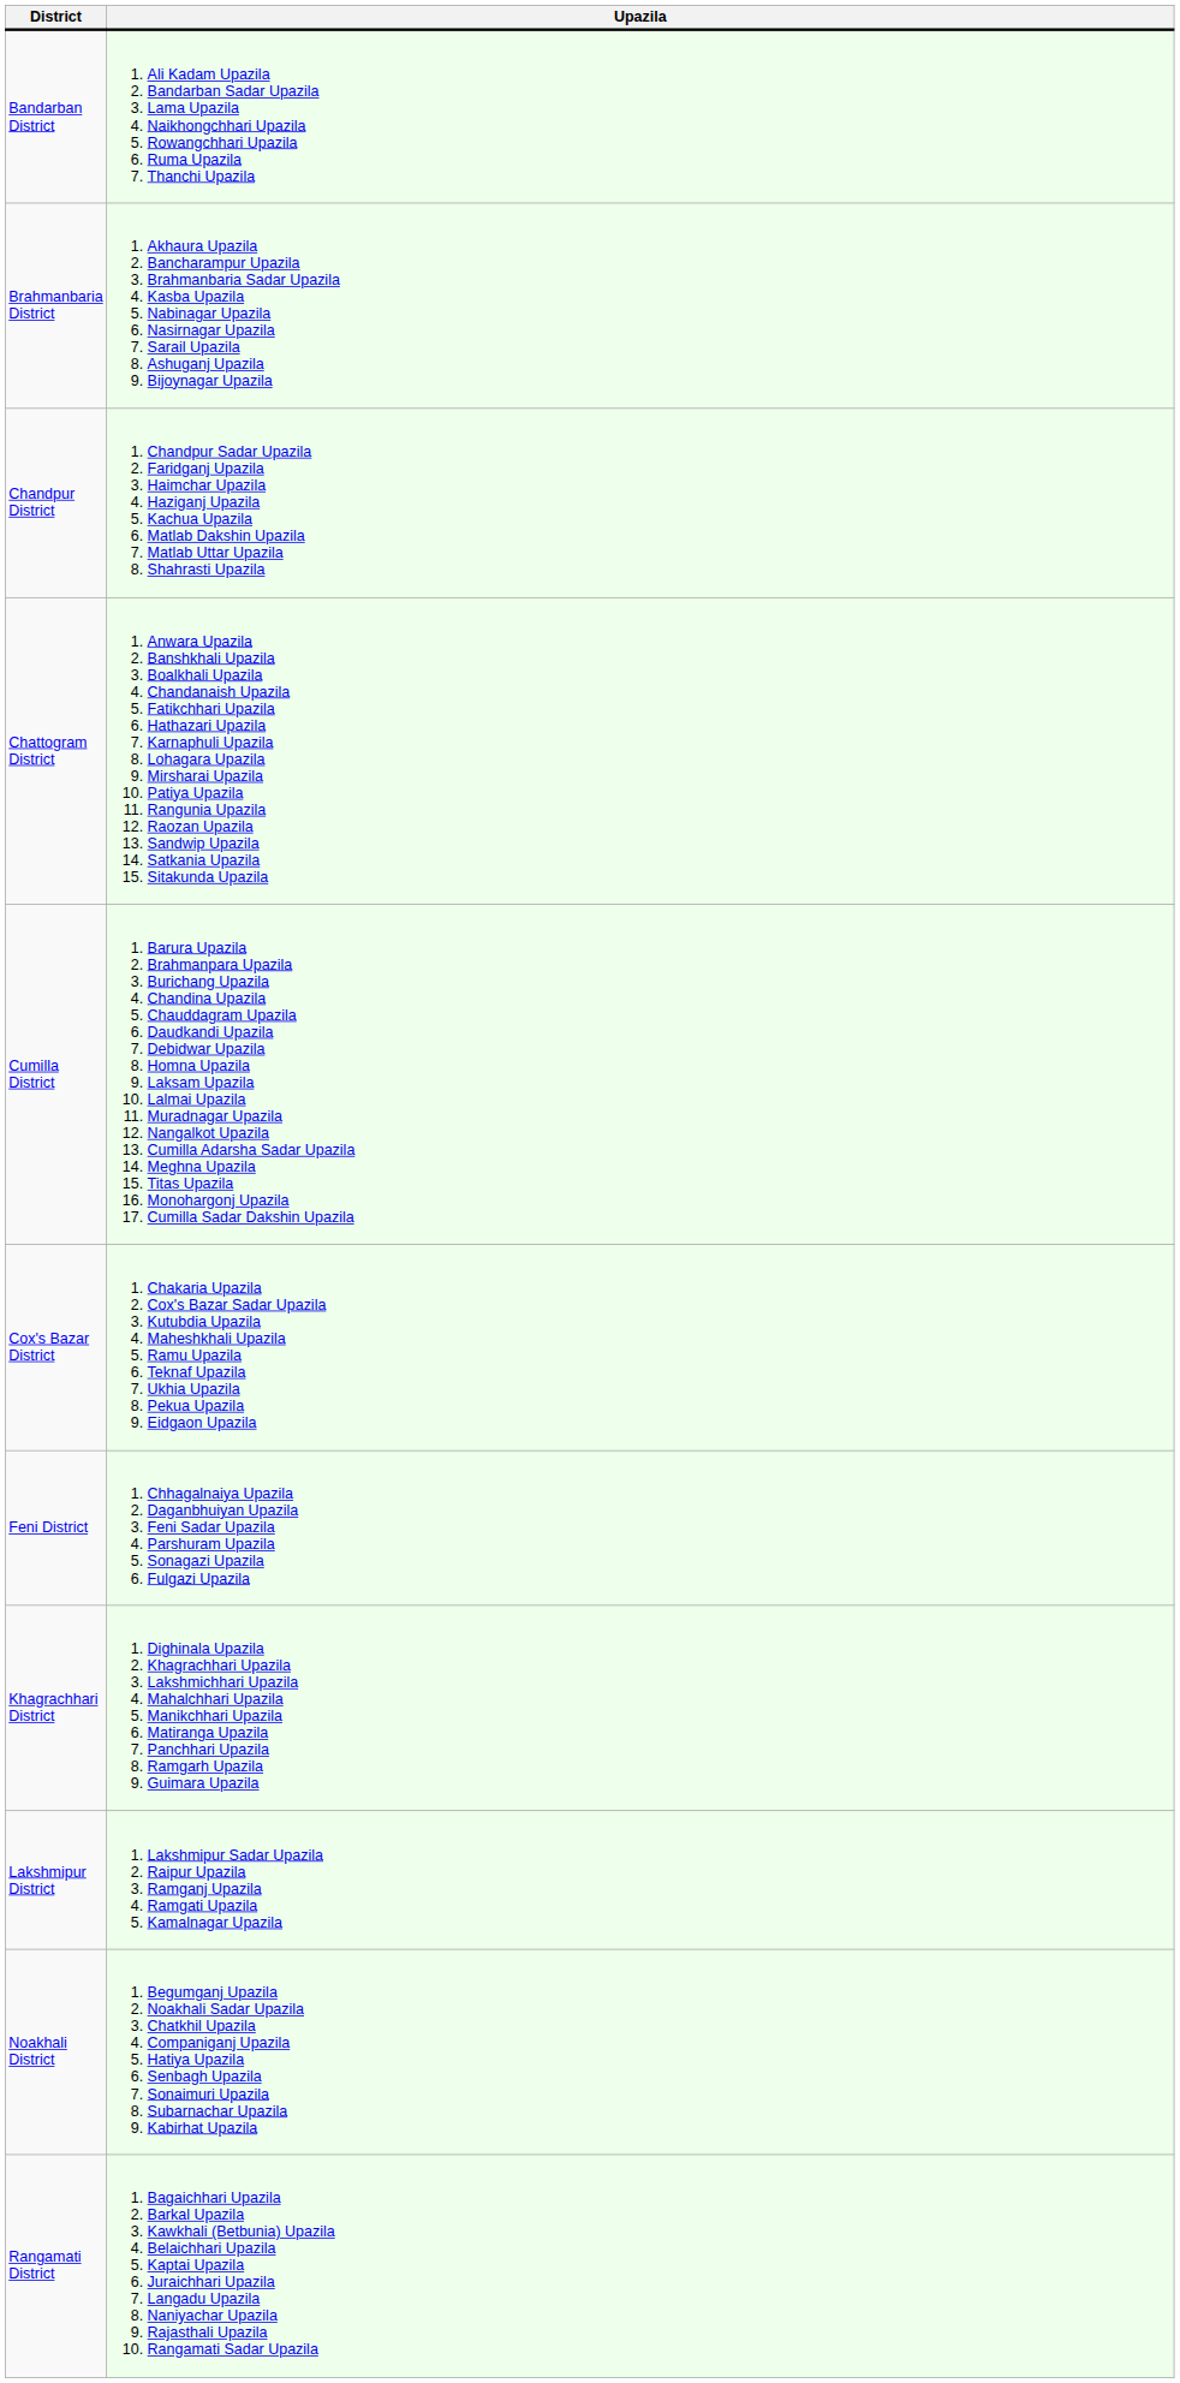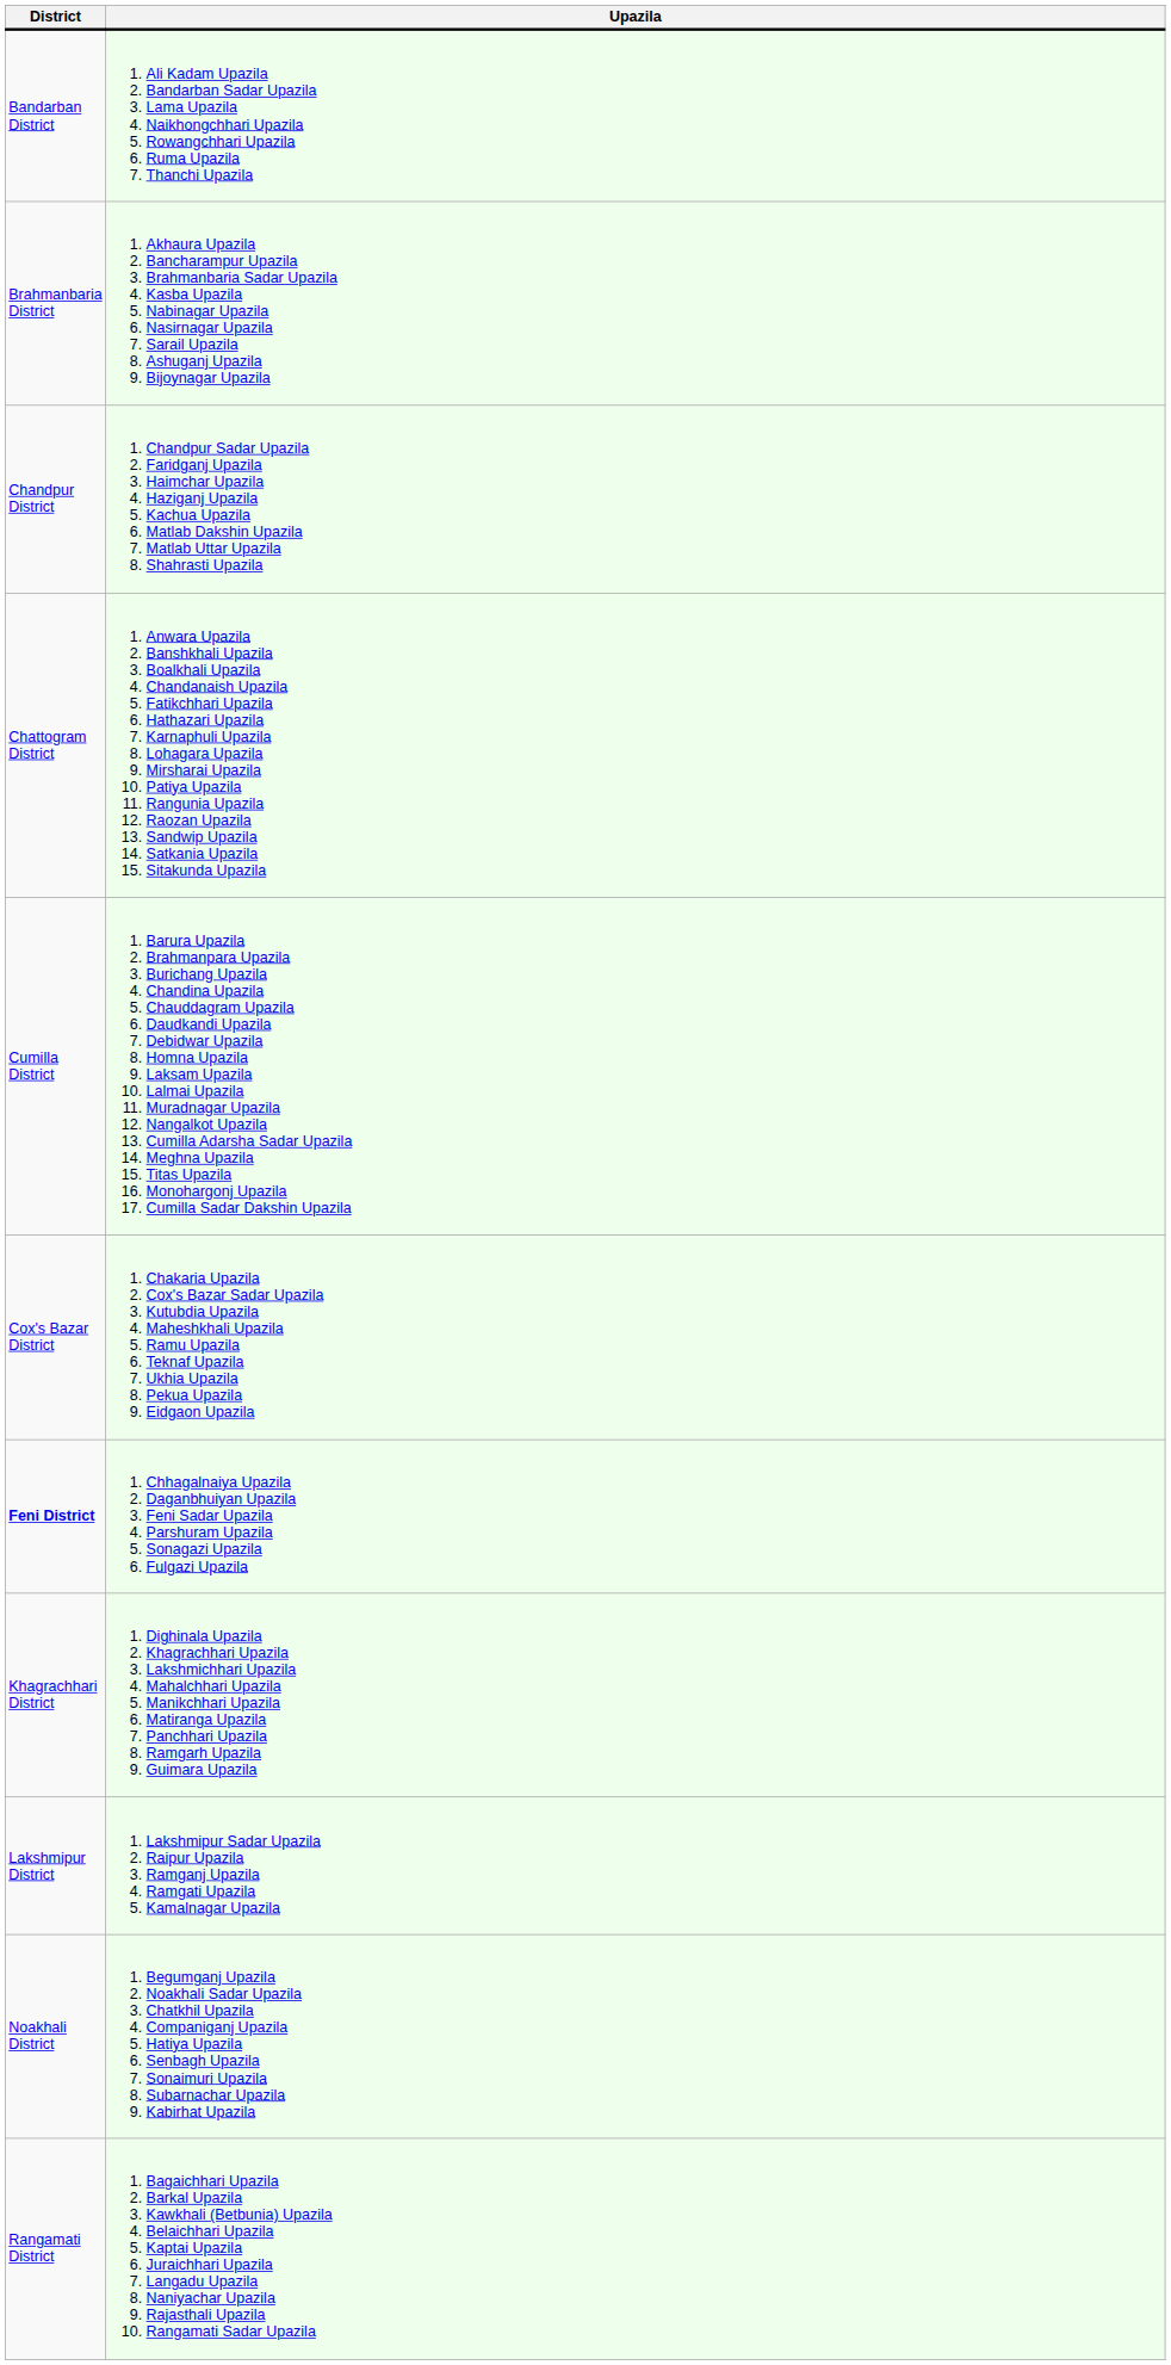 <table class="wikitable">
 <tr>
 <th>District</th>
 <th colspan="7" width="100%">Upazila</th>
 </tr>
 <tr style="border-top: 3px solid black">
 <td rowspan="1"><a href='#'>Bandarban District</a></td>
 <td colspan="2" style="background: #eeffeb"><br><ol><li><a href='#'>Ali Kadam Upazila</a></li><li><a href='#'>Bandarban Sadar Upazila</a></li><li><a href='#'>Lama Upazila</a></li><li><a href='#'>Naikhongchhari Upazila</a></li><li><a href='#'>Rowangchhari Upazila</a></li><li><a href='#'>Ruma Upazila</a></li><li><a href='#'>Thanchi Upazila</a></li></ol></td>
 </tr>
 <tr>
 <td rowspan="1"><a href='#'>Brahmanbaria District</a></td>
 <td colspan="2" style="background: #eeffeb"><br><ol><li><a href='#'>Akhaura Upazila</a></li><li><a href='#'>Bancharampur Upazila</a></li><li><a href='#'>Brahmanbaria Sadar Upazila</a></li><li><a href='#'>Kasba Upazila</a></li><li><a href='#'>Nabinagar Upazila</a></li><li><a href='#'>Nasirnagar Upazila</a></li><li><a href='#'>Sarail Upazila</a></li><li><a href='#'>Ashuganj Upazila</a></li><li><a href='#'>Bijoynagar Upazila</a></li></ol></td>
 </tr>
 <tr>
 <td rowspan="1"><a href='#'>Chandpur District</a></td>
 <td colspan="2" style="background: #eeffeb"><br><ol><li><a href='#'>Chandpur Sadar Upazila</a></li><li><a href='#'>Faridganj Upazila</a></li><li><a href='#'>Haimchar Upazila</a></li><li><a href='#'>Haziganj Upazila</a></li><li><a href='#'>Kachua Upazila</a></li><li><a href='#'>Matlab Dakshin Upazila</a></li><li><a href='#'>Matlab Uttar Upazila</a></li><li><a href='#'>Shahrasti Upazila</a></li></ol></td>
 </tr>
 <tr>
 <td rowspan="1"><a href='#'>Chattogram District</a></td>
 <td colspan="2" style="background: #eeffeb"><br><ol><li><a href='#'>Anwara Upazila</a></li><li><a href='#'>Banshkhali Upazila</a></li><li><a href='#'>Boalkhali Upazila</a></li><li><a href='#'>Chandanaish Upazila</a></li><li><a href='#'>Fatikchhari Upazila</a></li><li><a href='#'>Hathazari Upazila</a></li><li><a href='#'>Karnaphuli Upazila</a></li><li><a href='#'>Lohagara Upazila</a></li><li><a href='#'>Mirsharai Upazila</a></li><li><a href='#'>Patiya Upazila</a></li><li><a href='#'>Rangunia Upazila</a></li><li><a href='#'>Raozan Upazila</a></li><li><a href='#'>Sandwip Upazila</a></li><li><a href='#'>Satkania Upazila</a></li><li><a href='#'>Sitakunda Upazila</a></li></ol></td>
 </tr>
 <tr>
 <td rowspan="1"><a href='#'>Cumilla District</a></td>
 <td colspan="2" style="background: #eeffeb"><br><ol><li><a href='#'>Barura Upazila</a></li><li><a href='#'>Brahmanpara Upazila</a></li><li><a href='#'>Burichang Upazila</a></li><li><a href='#'>Chandina Upazila</a></li><li><a href='#'>Chauddagram Upazila</a></li><li><a href='#'>Daudkandi Upazila</a></li><li><a href='#'>Debidwar Upazila</a></li><li><a href='#'>Homna Upazila</a></li><li><a href='#'>Laksam Upazila</a></li><li><a href='#'>Lalmai Upazila</a></li><li><a href='#'>Muradnagar Upazila</a></li><li><a href='#'>Nangalkot Upazila</a></li><li><a href='#'>Cumilla Adarsha Sadar Upazila</a></li><li><a href='#'>Meghna Upazila</a></li><li><a href='#'>Titas Upazila</a></li><li><a href='#'>Monohargonj Upazila</a></li><li><a href='#'>Cumilla Sadar Dakshin Upazila</a></li></ol></td>
 </tr>
 <tr>
 <td rowspan="1"><a href='#'>Cox's Bazar District</a></td>
 <td colspan="2" style="background: #eeffeb"><br><ol><li><a href='#'>Chakaria Upazila</a></li><li><a href='#'>Cox's Bazar Sadar Upazila</a></li><li><a href='#'>Kutubdia Upazila</a></li><li><a href='#'>Maheshkhali Upazila</a></li><li><a href='#'>Ramu Upazila</a></li><li><a href='#'>Teknaf Upazila</a></li><li><a href='#'>Ukhia Upazila</a></li><li><a href='#'>Pekua Upazila</a></li><li><a href='#'>Eidgaon Upazila</a></li></ol></td>
 </tr>
 <tr>
-<td rowspan="1"><a href='#'>Feni District</a></td>
+<td rowspan="1"><strong><a href='#'>Feni District</a></strong></td>
 <td colspan="2" style="background: #eeffeb"><br><ol><li><a href='#'>Chhagalnaiya Upazila</a></li><li><a href='#'>Daganbhuiyan Upazila</a></li><li><a href='#'>Feni Sadar Upazila</a></li><li><a href='#'>Parshuram Upazila</a></li><li><a href='#'>Sonagazi Upazila</a></li><li><a href='#'>Fulgazi Upazila</a></li></ol></td>
 </tr>
 <tr>
 <td rowspan="1"><a href='#'>Khagrachhari District</a></td>
 <td colspan="2" style="background: #eeffeb"><br><ol><li><a href='#'>Dighinala Upazila</a></li><li><a href='#'>Khagrachhari Upazila</a></li><li><a href='#'>Lakshmichhari Upazila</a></li><li><a href='#'>Mahalchhari Upazila</a></li><li><a href='#'>Manikchhari Upazila</a></li><li><a href='#'>Matiranga Upazila</a></li><li><a href='#'>Panchhari Upazila</a></li><li><a href='#'>Ramgarh Upazila</a></li><li><a href='#'>Guimara Upazila</a></li></ol></td>
 </tr>
 <tr>
 <td rowspan="1"><a href='#'>Lakshmipur District</a></td>
 <td colspan="2" style="background: #eeffeb"><br><ol><li><a href='#'>Lakshmipur Sadar Upazila</a></li><li><a href='#'>Raipur Upazila</a></li><li><a href='#'>Ramganj Upazila</a></li><li><a href='#'>Ramgati Upazila</a></li><li><a href='#'>Kamalnagar Upazila</a></li></ol></td>
 </tr>
 <tr>
 <td rowspan="1"><a href='#'>Noakhali District</a></td>
 <td colspan="2" style="background: #eeffeb"><br><ol><li><a href='#'>Begumganj Upazila</a></li><li><a href='#'>Noakhali Sadar Upazila</a></li><li><a href='#'>Chatkhil Upazila</a></li><li><a href='#'>Companiganj Upazila</a></li><li><a href='#'>Hatiya Upazila</a></li><li><a href='#'>Senbagh Upazila</a></li><li><a href='#'>Sonaimuri Upazila</a></li><li><a href='#'>Subarnachar Upazila</a></li><li><a href='#'>Kabirhat Upazila</a></li></ol></td>
 </tr>
 <tr>
 <td rowspan="1"><a href='#'>Rangamati District</a></td>
 <td colspan="2" style="background: #eeffeb"><br><ol><li><a href='#'>Bagaichhari Upazila</a></li><li><a href='#'>Barkal Upazila</a></li><li><a href='#'>Kawkhali (Betbunia) Upazila</a></li><li><a href='#'>Belaichhari Upazila</a></li><li><a href='#'>Kaptai Upazila</a></li><li><a href='#'>Juraichhari Upazila</a></li><li><a href='#'>Langadu Upazila</a></li><li><a href='#'>Naniyachar Upazila</a></li><li><a href='#'>Rajasthali Upazila</a></li><li><a href='#'>Rangamati Sadar Upazila</a></li></ol></td>
 </tr>
 </table>
